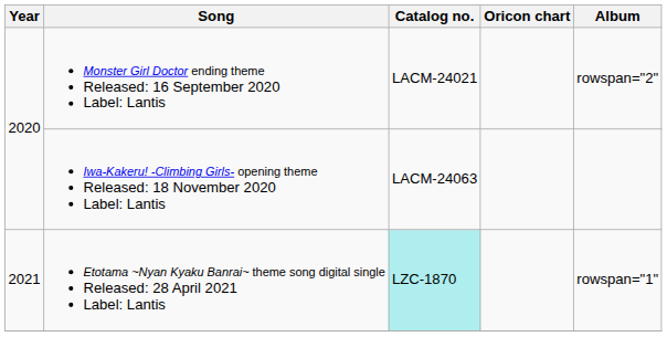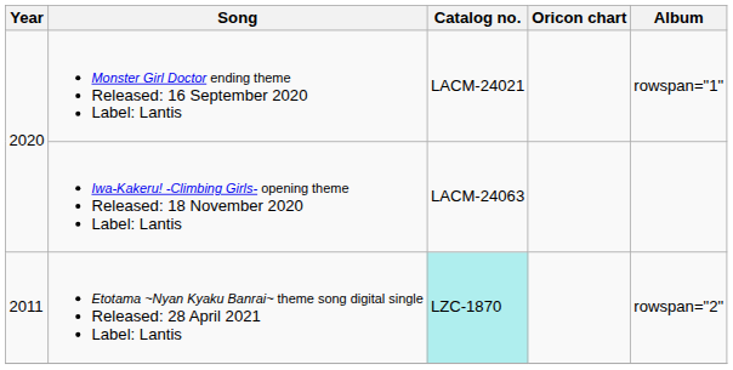 <table class="wikitable" border="1">
 <tr>
 <th>Year</th>
 <th>Song</th>
 <th>Catalog no.</th>
 <th>Oricon chart</th>
 <th>Album</th>
 </tr>
 <tr>
 <td rowspan="2">2020</td>
 <td><br><ul><li><small><em><a href='#'>Monster Girl Doctor</a></em> ending theme</small></li><li>Released: 16 September 2020</li><li>Label: Lantis</li></ul></td>
 <td>LACM-24021</td>
 <td></td>
-<td>rowspan="2" </td>
+<td>rowspan="1" </td>
 </tr>
 <tr>
 <td><br><ul><li><small><em><a href='#'>Iwa-Kakeru! -Climbing Girls-</a></em> opening theme</small></li><li>Released: 18 November 2020</li><li>Label: Lantis</li></ul></td>
 <td>LACM-24063</td>
 <td></td>
 </tr>
 <tr>
-<td rowspan="1">2021</td>
+<td rowspan="1">2011</td>
 <td><br><ul><li><small><em>Etotama ~Nyan Kyaku Banrai~</em> theme song digital single</small></li><li>Released: 28 April 2021</li><li>Label: Lantis</li></ul></td>
 <td style="background: paleturquoise;">LZC-1870</td>
 <td></td>
-<td>rowspan="1" </td>
+<td>rowspan="2" </td>
 </tr>
 <tr>
 </tr>
 </table>
